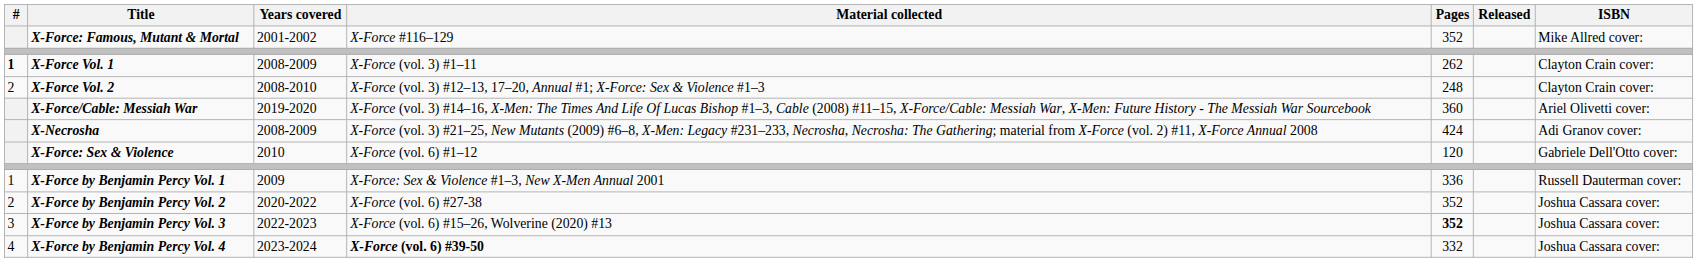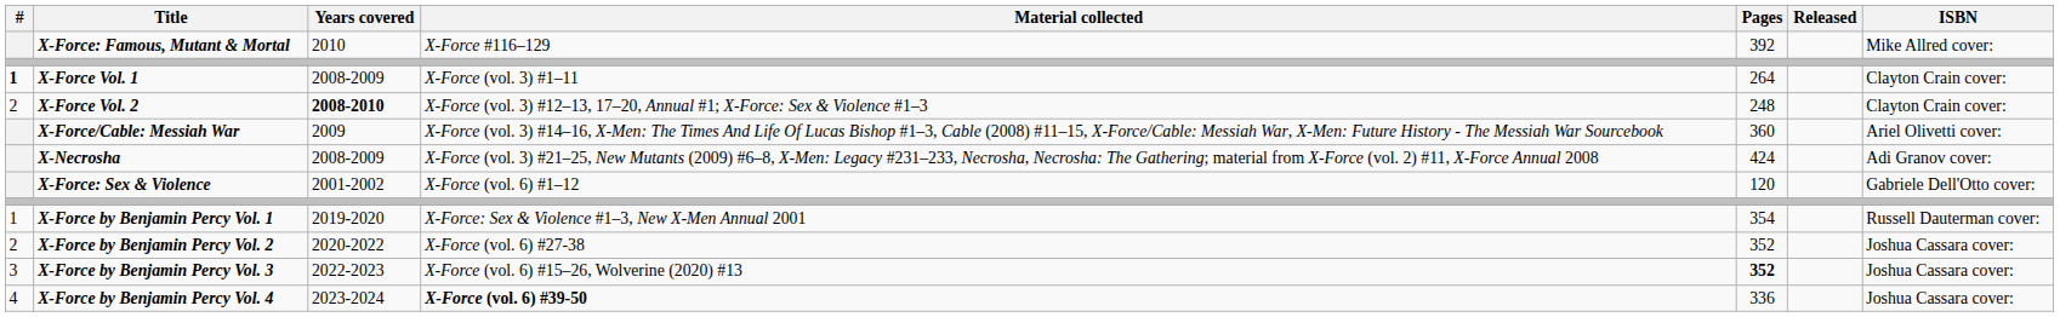 <table class="wikitable sortable" width=99%>
 <tr>
 <th class="unsortable" width=20px>#</th>
 <th>Title</th>
 <th>Years covered</th>
 <th class="unsortable">Material collected</th>
 <th>Pages</th>
 <th>Released</th>
 <th class="unsortable">ISBN</th>
 </tr>
 <tr>
 <th style="background-color: light grey;"></th>
 <td><strong><em>X-Force: Famous, Mutant & Mortal</em></strong></td>
-<td>2001-2002</td>
+<td>2010</td>
 <td><em>X-Force</em> #116–129</td>
-<td style="text-align: center;">352</td>
+<td style="text-align: center;">392</td>
 <td></td>
 <td>Mike Allred cover: </td>
 </tr>
 <tr>
 <th colspan=7 style="background-color: silver;"></th>
 </tr>
 <tr>
 <td><strong>1</strong></td>
 <td><strong><em>X-Force Vol. 1</em></strong></td>
 <td>2008-2009</td>
 <td><em>X-Force</em> (vol. 3) #1–11</td>
-<td style="text-align: center;">262</td>
+<td style="text-align: center;">264</td>
 <td></td>
 <td>Clayton Crain cover: </td>
 </tr>
 <tr>
 <td>2</td>
 <td><strong><em>X-Force Vol. 2</em></strong></td>
-<td>2008-2010</td>
+<td><strong>2008-2010</strong></td>
 <td><em>X-Force</em> (vol. 3) #12–13, 17–20, <em>Annual</em> #1; <em>X-Force: Sex & Violence</em> #1–3</td>
 <td style="text-align: center;">248</td>
 <td></td>
 <td>Clayton Crain cover: </td>
 </tr>
 <tr>
 <th style="background-color: light grey;"></th>
 <td><strong><em>X-Force/Cable: Messiah War</em></strong></td>
-<td>2019-2020</td>
+<td>2009</td>
 <td><em>X-Force</em> (vol. 3) #14–16, <em>X-Men: The Times And Life Of Lucas Bishop</em> #1–3, <em>Cable</em> (2008) #11–15, <em>X-Force/Cable: Messiah War</em>, <em>X-Men: Future History - The Messiah War Sourcebook</em></td>
 <td style="text-align: center;">360</td>
 <td></td>
 <td>Ariel Olivetti cover: </td>
 </tr>
 <tr>
 <th style="background-color: light grey;"></th>
 <td><strong><em>X-Necrosha</em></strong></td>
 <td>2008-2009</td>
 <td><em>X-Force</em> (vol. 3) #21–25, <em>New Mutants</em> (2009) #6–8, <em>X-Men: Legacy</em> #231–233, <em>Necrosha</em>, <em>Necrosha: The Gathering</em>; material from <em>X-Force</em> (vol. 2) #11, <em>X-Force Annual</em> 2008</td>
 <td style="text-align: center;">424</td>
 <td></td>
 <td>Adi Granov cover: </td>
 </tr>
 <tr>
 <th style="background-color: light grey;"></th>
 <td><strong><em>X-Force: Sex & Violence</em></strong></td>
-<td>2010</td>
+<td>2001-2002</td>
 <td><em>X-Force</em> (vol. 6) #1–12</td>
 <td style="text-align: center;">120</td>
 <td></td>
 <td>Gabriele Dell'Otto cover: </td>
 </tr>
 <tr>
 <th colspan=7 style="background-color: silver;"></th>
 </tr>
 <tr>
 <td>1</td>
 <td><strong><em>X-Force by Benjamin Percy Vol. 1</em></strong></td>
-<td>2009</td>
+<td>2019-2020</td>
 <td><em>X-Force: Sex & Violence</em> #1–3, <em>New X-Men Annual</em> 2001</td>
-<td style="text-align: center;">336</td>
+<td style="text-align: center;">354</td>
 <td></td>
 <td>Russell Dauterman cover: </td>
 </tr>
 <tr>
 <td>2</td>
 <td><strong><em>X-Force by Benjamin Percy Vol. 2</em></strong></td>
 <td>2020-2022</td>
 <td><em>X-Force</em> (vol. 6) #27-38</td>
 <td style="text-align: center;">352</td>
 <td></td>
 <td>Joshua Cassara cover: </td>
 </tr>
 <tr>
 <td>3</td>
 <td><strong><em>X-Force by Benjamin Percy Vol. 3</em></strong></td>
 <td>2022-2023</td>
 <td><em>X-Force</em> (vol. 6) #15–26, Wolverine (2020) #13</td>
 <td style="text-align: center;"><strong>352</strong></td>
 <td></td>
 <td>Joshua Cassara cover: </td>
 </tr>
 <tr>
 <td>4</td>
 <td><strong><em>X-Force by Benjamin Percy Vol. 4</em></strong></td>
 <td>2023-2024</td>
 <td><strong><em>X-Force</em> (vol. 6) #39-50</strong></td>
-<td style="text-align: center;">332</td>
+<td style="text-align: center;">336</td>
 <td></td>
 <td>Joshua Cassara cover: </td>
 </tr>
 </table>
